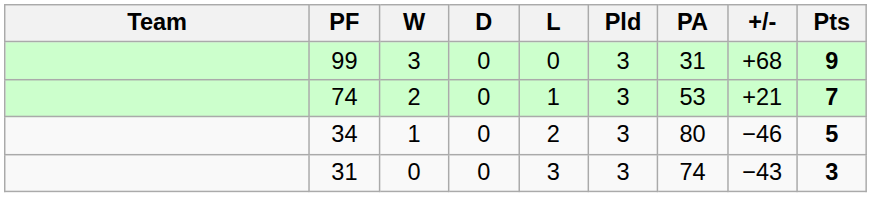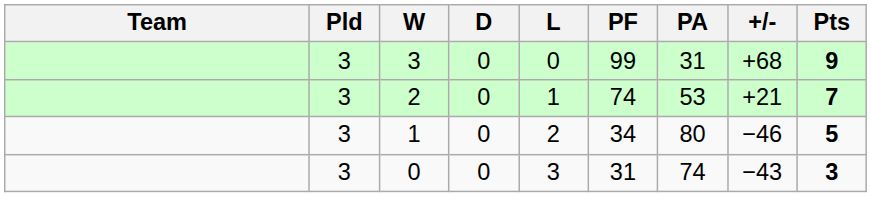 <table class="wikitable" style="text-align: center;">
 <tr>
 <th width="200">Team</th>
-<th width="40">PF</th>
+<th width="40">Pld</th>
 <th width="40">W</th>
 <th width="40">D</th>
 <th width="40">L</th>
-<th width="40">Pld</th>
+<th width="40">PF</th>
 <th width="40">PA</th>
 <th width="40">+/-</th>
 <th width="40">Pts</th>
 </tr>
 <tr style="background-color:#ccffcc">
 <td style="text-align:left;"></td>
-<td>99</td>
+<td>3</td>
 <td>3</td>
 <td>0</td>
 <td>0</td>
-<td>3</td>
+<td>99</td>
 <td>31</td>
 <td>+68</td>
 <td><strong>9</strong></td>
 </tr>
 <tr style="background-color:#ccffcc">
 <td style="text-align:left;"></td>
-<td>74</td>
+<td>3</td>
 <td>2</td>
 <td>0</td>
 <td>1</td>
-<td>3</td>
+<td>74</td>
 <td>53</td>
 <td>+21</td>
 <td><strong>7</strong></td>
 </tr>
 <tr>
 <td style="text-align:left;"></td>
-<td>34</td>
+<td>3</td>
 <td>1</td>
 <td>0</td>
 <td>2</td>
-<td>3</td>
+<td>34</td>
 <td>80</td>
 <td>−46</td>
 <td><strong>5</strong></td>
 </tr>
 <tr>
 <td style="text-align:left;"></td>
-<td>31</td>
+<td>3</td>
 <td>0</td>
 <td>0</td>
 <td>3</td>
-<td>3</td>
+<td>31</td>
 <td>74</td>
 <td>−43</td>
 <td><strong>3</strong></td>
 </tr>
 </table>
